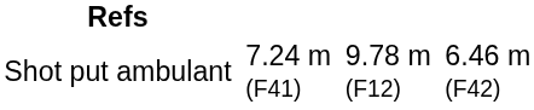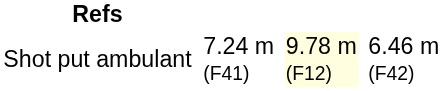 <table>
 <tr>
 <th>Refs</th>
 </tr>
 <tr>
 <td>Shot put ambulant</td>
 <td></td>
 <td>7.24 m <small><br>(F41)</small></td>
 <td></td>
-<td>9.78 m <small><br>(F12)</small></td>
+<td style="background: lightyellow;">9.78 m <small><br>(F12)</small></td>
 <td></td>
 <td>6.46 m <small><br>(F42)</small></td>
 <td align=center></td>
 </tr>
 </table>
